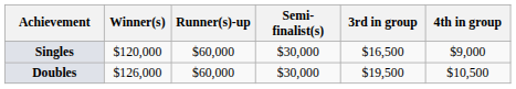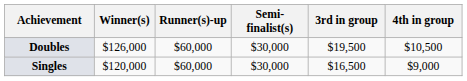 <table class=wikitable style="font-size:90%;text-align:center">
 <tr>
 <th style="width:104px;">Achievement</th>
 <th style="width:68px;">Winner(s)</th>
 <th style="width:88px;">Runner(s)-up</th>
 <th style="width:88px;">Semi-finalist(s)</th>
 <th style="width:88px;">3rd in group</th>
 <th style="width:88px;">4th in group</th>
 </tr>
 <tr>
+<td style="background:#dfe2e9;"><strong>Doubles</strong></td>
+<td>$126,000</td>
+<td>$60,000</td>
+<td>$30,000</td>
+<td>$19,500</td>
+<td>$10,500</td>
+</tr>
+<tr>
 <td style="background:#dfe2e9;"><strong>Singles</strong></td>
 <td>$120,000</td>
 <td>$60,000</td>
 <td>$30,000</td>
 <td>$16,500</td>
 <td>$9,000</td>
 </tr>
-<tr>
-<td style="background:#dfe2e9;"><strong>Doubles</strong></td>
-<td>$126,000</td>
-<td>$60,000</td>
-<td>$30,000</td>
-<td>$19,500</td>
-<td>$10,500</td>
-</tr>
 </table>
